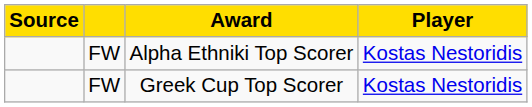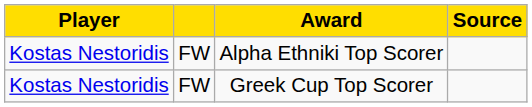 <table class="wikitable">
 <tr>
-<th style="background:#FFDE00">Source</th>
+<th style="background:#FFDE00">Player</th>
 <th style="background:#FFDE00"></th>
 <th style="background:#FFDE00">Award</th>
-<th style="background:#FFDE00">Player</th>
+<th style="background:#FFDE00">Source</th>
 </tr>
 <tr>
-<td align="center"></td>
+<td> <a href='#'>Kostas Nestoridis</a></td>
 <td align="center">FW</td>
 <td align="center">Alpha Ethniki Top Scorer</td>
-<td> <a href='#'>Kostas Nestoridis</a></td>
+<td align="center"></td>
 </tr>
 <tr>
-<td align="center"></td>
+<td> <a href='#'>Kostas Nestoridis</a></td>
 <td align="center">FW</td>
 <td align="center">Greek Cup Top Scorer</td>
-<td> <a href='#'>Kostas Nestoridis</a></td>
+<td align="center"></td>
 </tr>
 </table>
